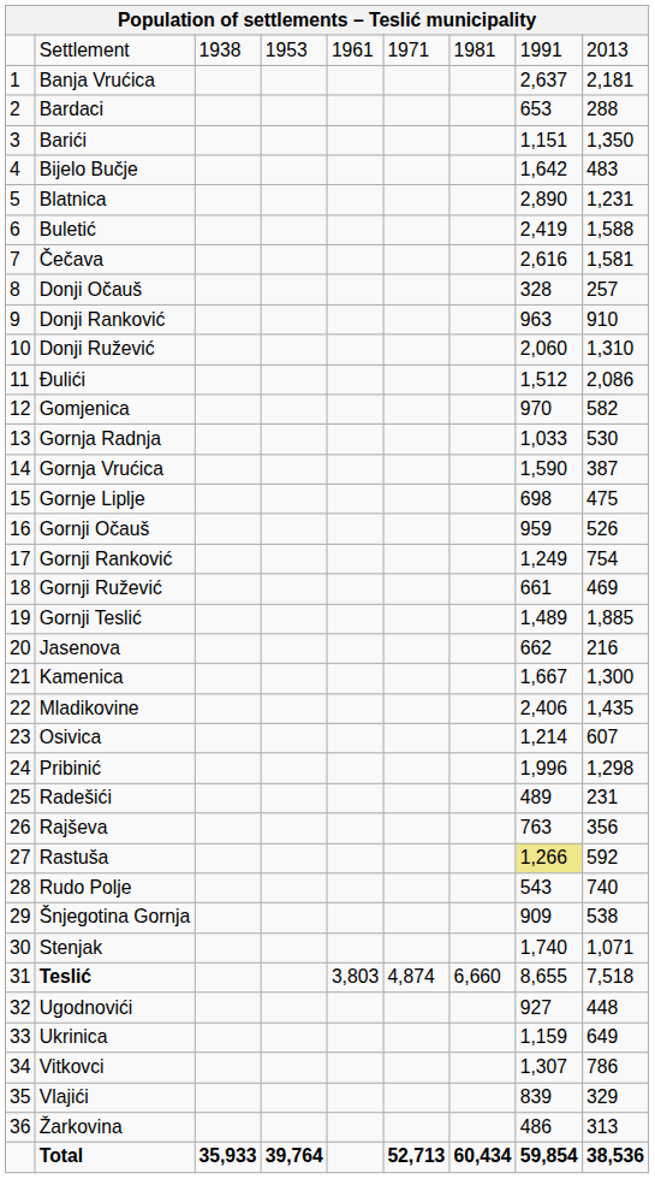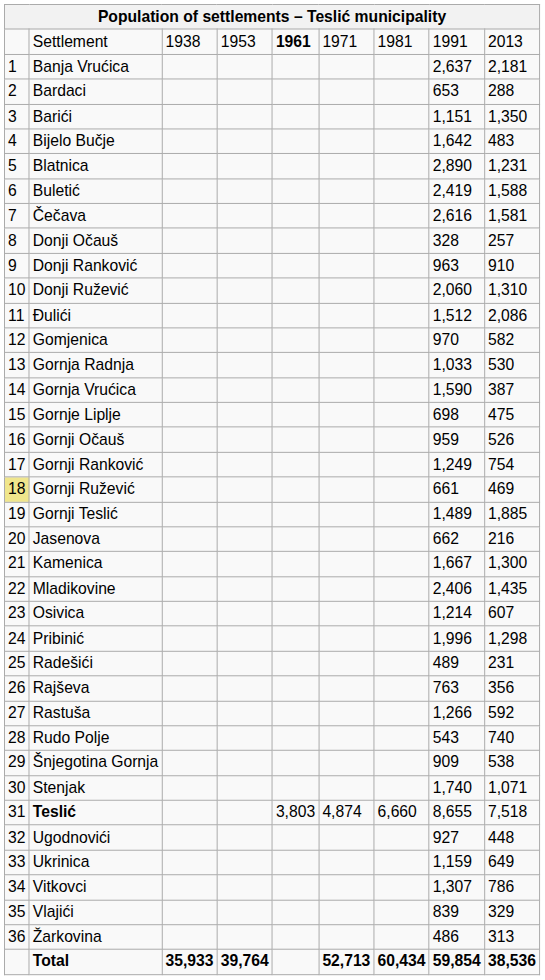 <table class="wikitable">
 <tr>
 <th colspan="9">Population of settlements – Teslić municipality</th>
 </tr>
 <tr>
 <td></td>
 <td>Settlement</td>
 <td>1938</td>
 <td>1953</td>
-<td>1961</td>
+<td><strong>1961</strong></td>
 <td>1971</td>
 <td>1981</td>
 <td>1991</td>
 <td>2013</td>
 </tr>
 <tr>
 <td>1</td>
 <td>Banja Vrućica</td>
 <td></td>
 <td></td>
 <td></td>
 <td></td>
 <td></td>
 <td>2,637</td>
 <td>2,181</td>
 </tr>
 <tr>
 <td>2</td>
 <td>Bardaci</td>
 <td></td>
 <td></td>
 <td></td>
 <td></td>
 <td></td>
 <td>653</td>
 <td>288</td>
 </tr>
 <tr>
 <td>3</td>
 <td>Barići</td>
 <td></td>
 <td></td>
 <td></td>
 <td></td>
 <td></td>
 <td>1,151</td>
 <td>1,350</td>
 </tr>
 <tr>
 <td>4</td>
 <td>Bijelo Bučje</td>
 <td></td>
 <td></td>
 <td></td>
 <td></td>
 <td></td>
 <td>1,642</td>
 <td>483</td>
 </tr>
 <tr>
 <td>5</td>
 <td>Blatnica</td>
 <td></td>
 <td></td>
 <td></td>
 <td></td>
 <td></td>
 <td>2,890</td>
 <td>1,231</td>
 </tr>
 <tr>
 <td>6</td>
 <td>Buletić</td>
 <td></td>
 <td></td>
 <td></td>
 <td></td>
 <td></td>
 <td>2,419</td>
 <td>1,588</td>
 </tr>
 <tr>
 <td>7</td>
 <td>Čečava</td>
 <td></td>
 <td></td>
 <td></td>
 <td></td>
 <td></td>
 <td>2,616</td>
 <td>1,581</td>
 </tr>
 <tr>
 <td>8</td>
 <td>Donji Očauš</td>
 <td></td>
 <td></td>
 <td></td>
 <td></td>
 <td></td>
 <td>328</td>
 <td>257</td>
 </tr>
 <tr>
 <td>9</td>
 <td>Donji Ranković</td>
 <td></td>
 <td></td>
 <td></td>
 <td></td>
 <td></td>
 <td>963</td>
 <td>910</td>
 </tr>
 <tr>
 <td>10</td>
 <td>Donji Ružević</td>
 <td></td>
 <td></td>
 <td></td>
 <td></td>
 <td></td>
 <td>2,060</td>
 <td>1,310</td>
 </tr>
 <tr>
 <td>11</td>
 <td>Đulići</td>
 <td></td>
 <td></td>
 <td></td>
 <td></td>
 <td></td>
 <td>1,512</td>
 <td>2,086</td>
 </tr>
 <tr>
 <td>12</td>
 <td>Gomjenica</td>
 <td></td>
 <td></td>
 <td></td>
 <td></td>
 <td></td>
 <td>970</td>
 <td>582</td>
 </tr>
 <tr>
 <td>13</td>
 <td>Gornja Radnja</td>
 <td></td>
 <td></td>
 <td></td>
 <td></td>
 <td></td>
 <td>1,033</td>
 <td>530</td>
 </tr>
 <tr>
 <td>14</td>
 <td>Gornja Vrućica</td>
 <td></td>
 <td></td>
 <td></td>
 <td></td>
 <td></td>
 <td>1,590</td>
 <td>387</td>
 </tr>
 <tr>
 <td>15</td>
 <td>Gornje Liplje</td>
 <td></td>
 <td></td>
 <td></td>
 <td></td>
 <td></td>
 <td>698</td>
 <td>475</td>
 </tr>
 <tr>
 <td>16</td>
 <td>Gornji Očauš</td>
 <td></td>
 <td></td>
 <td></td>
 <td></td>
 <td></td>
 <td>959</td>
 <td>526</td>
 </tr>
 <tr>
 <td>17</td>
 <td>Gornji Ranković</td>
 <td></td>
 <td></td>
 <td></td>
 <td></td>
 <td></td>
 <td>1,249</td>
 <td>754</td>
 </tr>
 <tr>
-<td>18</td>
+<td style="background: khaki;">18</td>
 <td>Gornji Ružević</td>
 <td></td>
 <td></td>
 <td></td>
 <td></td>
 <td></td>
 <td>661</td>
 <td>469</td>
 </tr>
 <tr>
 <td>19</td>
 <td>Gornji Teslić</td>
 <td></td>
 <td></td>
 <td></td>
 <td></td>
 <td></td>
 <td>1,489</td>
 <td>1,885</td>
 </tr>
 <tr>
 <td>20</td>
 <td>Jasenova</td>
 <td></td>
 <td></td>
 <td></td>
 <td></td>
 <td></td>
 <td>662</td>
 <td>216</td>
 </tr>
 <tr>
 <td>21</td>
 <td>Kamenica</td>
 <td></td>
 <td></td>
 <td></td>
 <td></td>
 <td></td>
 <td>1,667</td>
 <td>1,300</td>
 </tr>
 <tr>
 <td>22</td>
 <td>Mladikovine</td>
 <td></td>
 <td></td>
 <td></td>
 <td></td>
 <td></td>
 <td>2,406</td>
 <td>1,435</td>
 </tr>
 <tr>
 <td>23</td>
 <td>Osivica</td>
 <td></td>
 <td></td>
 <td></td>
 <td></td>
 <td></td>
 <td>1,214</td>
 <td>607</td>
 </tr>
 <tr>
 <td>24</td>
 <td>Pribinić</td>
 <td></td>
 <td></td>
 <td></td>
 <td></td>
 <td></td>
 <td>1,996</td>
 <td>1,298</td>
 </tr>
 <tr>
 <td>25</td>
 <td>Radešići</td>
 <td></td>
 <td></td>
 <td></td>
 <td></td>
 <td></td>
 <td>489</td>
 <td>231</td>
 </tr>
 <tr>
 <td>26</td>
 <td>Rajševa</td>
 <td></td>
 <td></td>
 <td></td>
 <td></td>
 <td></td>
 <td>763</td>
 <td>356</td>
 </tr>
 <tr>
 <td>27</td>
 <td>Rastuša</td>
 <td></td>
 <td></td>
 <td></td>
 <td></td>
 <td></td>
-<td style="background: khaki;">1,266</td>
+<td>1,266</td>
 <td>592</td>
 </tr>
 <tr>
 <td>28</td>
 <td>Rudo Polje</td>
 <td></td>
 <td></td>
 <td></td>
 <td></td>
 <td></td>
 <td>543</td>
 <td>740</td>
 </tr>
 <tr>
 <td>29</td>
 <td>Šnjegotina Gornja</td>
 <td></td>
 <td></td>
 <td></td>
 <td></td>
 <td></td>
 <td>909</td>
 <td>538</td>
 </tr>
 <tr>
 <td>30</td>
 <td>Stenjak</td>
 <td></td>
 <td></td>
 <td></td>
 <td></td>
 <td></td>
 <td>1,740</td>
 <td>1,071</td>
 </tr>
 <tr>
 <td>31</td>
 <td><strong>Teslić</strong></td>
 <td></td>
 <td></td>
 <td>3,803</td>
 <td>4,874</td>
 <td>6,660</td>
 <td>8,655</td>
 <td>7,518</td>
 </tr>
 <tr>
 <td>32</td>
 <td>Ugodnovići</td>
 <td></td>
 <td></td>
 <td></td>
 <td></td>
 <td></td>
 <td>927</td>
 <td>448</td>
 </tr>
 <tr>
 <td>33</td>
 <td>Ukrinica</td>
 <td></td>
 <td></td>
 <td></td>
 <td></td>
 <td></td>
 <td>1,159</td>
 <td>649</td>
 </tr>
 <tr>
 <td>34</td>
 <td>Vitkovci</td>
 <td></td>
 <td></td>
 <td></td>
 <td></td>
 <td></td>
 <td>1,307</td>
 <td>786</td>
 </tr>
 <tr>
 <td>35</td>
 <td>Vlajići</td>
 <td></td>
 <td></td>
 <td></td>
 <td></td>
 <td></td>
 <td>839</td>
 <td>329</td>
 </tr>
 <tr>
 <td>36</td>
 <td>Žarkovina</td>
 <td></td>
 <td></td>
 <td></td>
 <td></td>
 <td></td>
 <td>486</td>
 <td>313</td>
 </tr>
 <tr>
 <td></td>
 <td><strong>Total</strong></td>
 <td><strong>35,933</strong></td>
 <td><strong>39,764</strong></td>
 <td></td>
 <td><strong>52,713</strong></td>
 <td><strong>60,434</strong></td>
 <td><strong>59,854</strong></td>
 <td><strong>38,536</strong></td>
 </tr>
 </table>
